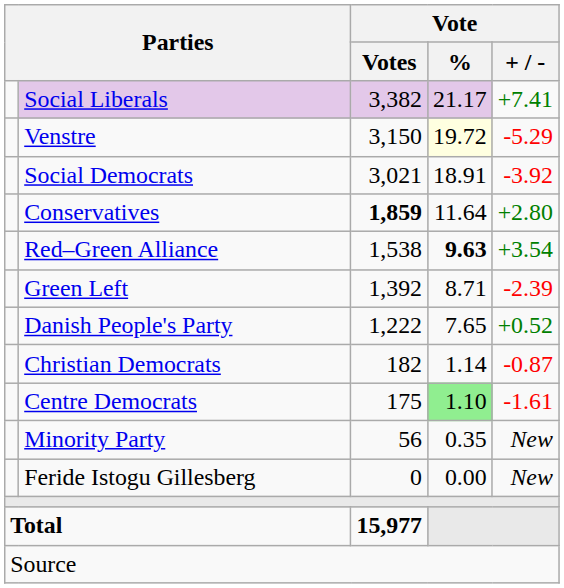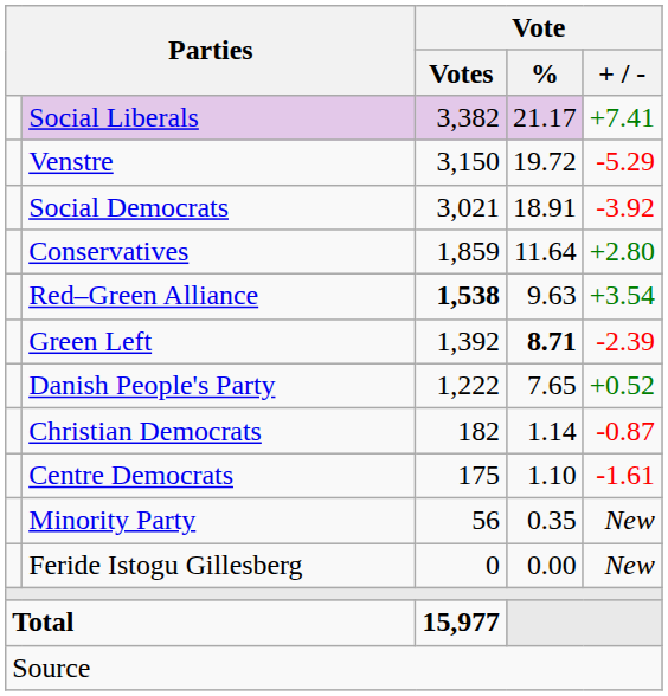 <table class="wikitable" style="text-align:right;">
 <tr>
 <th style="text-align:centre;" rowspan="2" colspan="2" width="225">Parties</th>
 <th colspan="3">Vote</th>
 </tr>
 <tr>
 <th width="15">Votes</th>
 <th width="15">%</th>
 <th width="15">+ / -</th>
 </tr>
 <tr>
 <td width="2" style="color:inherit;background:"></td>
 <td bgcolor=#e3c8e9  align="left"><a href='#'>Social Liberals</a></td>
 <td bgcolor=#e3c8e9>3,382</td>
 <td bgcolor=#e3c8e9>21.17</td>
 <td style=color:green;>+7.41</td>
 </tr>
 <tr>
 <td width="2" style="color:inherit;background:"></td>
 <td align="left"><a href='#'>Venstre</a></td>
 <td>3,150</td>
-<td style="background: lightyellow;">19.72</td>
+<td>19.72</td>
 <td style=color:red;>-5.29</td>
 </tr>
 <tr>
 <td width="2" style="color:inherit;background:"></td>
 <td align="left"><a href='#'>Social Democrats</a></td>
 <td>3,021</td>
 <td>18.91</td>
 <td style=color:red;>-3.92</td>
 </tr>
 <tr>
 <td width="2" style="color:inherit;background:"></td>
 <td align="left"><a href='#'>Conservatives</a></td>
-<td><strong>1,859</strong></td>
+<td>1,859</td>
 <td>11.64</td>
 <td style=color:green;>+2.80</td>
 </tr>
 <tr>
 <td width="2" style="color:inherit;background:"></td>
 <td align="left"><a href='#'>Red–Green Alliance</a></td>
-<td>1,538</td>
-<td><strong>9.63</strong></td>
+<td><strong>1,538</strong></td>
+<td>9.63</td>
 <td style=color:green;>+3.54</td>
 </tr>
 <tr>
 <td width="2" style="color:inherit;background:"></td>
 <td align="left"><a href='#'>Green Left</a></td>
 <td>1,392</td>
-<td>8.71</td>
+<td><strong>8.71</strong></td>
 <td style=color:red;>-2.39</td>
 </tr>
 <tr>
 <td width="2" style="color:inherit;background:"></td>
 <td align="left"><a href='#'>Danish People's Party</a></td>
 <td>1,222</td>
 <td>7.65</td>
 <td style=color:green;>+0.52</td>
 </tr>
 <tr>
 <td width="2" style="color:inherit;background:"></td>
 <td align="left"><a href='#'>Christian Democrats</a></td>
 <td>182</td>
 <td>1.14</td>
 <td style=color:red;>-0.87</td>
 </tr>
 <tr>
 <td width="2" style="color:inherit;background:"></td>
 <td align="left"><a href='#'>Centre Democrats</a></td>
 <td>175</td>
-<td style="background: lightgreen;">1.10</td>
+<td>1.10</td>
 <td style=color:red;>-1.61</td>
 </tr>
 <tr>
 <td width="2" style="color:inherit;background:"></td>
 <td align="left"><a href='#'>Minority Party</a></td>
 <td>56</td>
 <td>0.35</td>
 <td><em>New</em></td>
 </tr>
 <tr>
 <td width="2" style="color:inherit;background:"></td>
 <td align="left">Feride Istogu Gillesberg</td>
 <td>0</td>
 <td>0.00</td>
 <td><em>New</em></td>
 </tr>
 <tr>
 <td colspan="7" bgcolor="#E9E9E9"></td>
 </tr>
 <tr>
 <td align="left" colspan="2"><strong>Total</strong></td>
 <td><strong>15,977</strong></td>
 <td bgcolor="#E9E9E9" colspan="2"></td>
 </tr>
 <tr>
 <td align="left" colspan="6">Source</td>
 </tr>
 </table>
